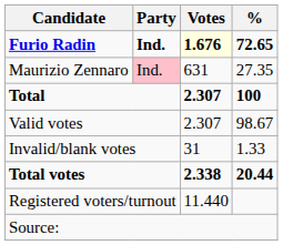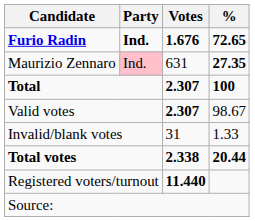 <table class="wikitable" style="text-align: left;">
 <tr>
 <th>Candidate</th>
 <th>Party</th>
 <th>Votes</th>
 <th>%</th>
 </tr>
 <tr>
 <td><strong><a href='#'>Furio Radin</a></strong></td>
 <td><strong>Ind.</strong></td>
-<td style="background: lightyellow;"><strong>1.676</strong></td>
+<td><strong>1.676</strong></td>
 <td><strong>72.65</strong></td>
 </tr>
 <tr>
 <td>Maurizio Zennaro</td>
 <td style="background: pink;">Ind.</td>
 <td>631</td>
-<td>27.35</td>
+<td><strong>27.35</strong></td>
 </tr>
 <tr>
 <td colspan="2"><strong>Total</strong></td>
 <td><strong>2.307</strong></td>
 <td><strong>100</strong></td>
 </tr>
 <tr>
 <td colspan="2">Valid votes</td>
-<td>2.307</td>
+<td><strong>2.307</strong></td>
 <td>98.67</td>
 </tr>
 <tr>
 <td colspan="2">Invalid/blank votes</td>
 <td>31</td>
 <td>1.33</td>
 </tr>
 <tr>
 <td colspan="2"><strong>Total votes</strong></td>
 <td><strong>2.338</strong></td>
 <td><strong>20.44</strong></td>
 </tr>
 <tr>
 <td colspan="2">Registered voters/turnout</td>
-<td>11.440</td>
+<td><strong>11.440</strong></td>
 <td></td>
 </tr>
 <tr>
 <td colspan="4">Source: </td>
 </tr>
 </table>
